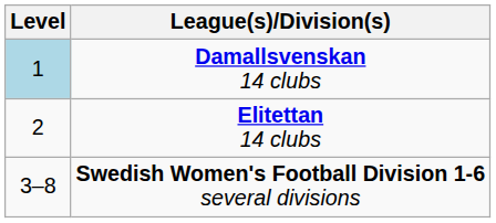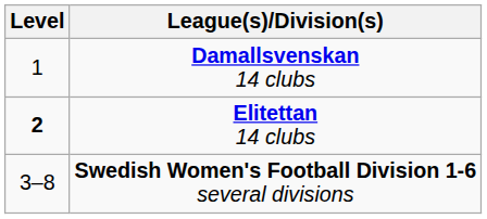 <table class="wikitable" style="text-align: center;">
 <tr>
 <th>Level</th>
 <th colspan="12">League(s)/Division(s)</th>
 </tr>
 <tr>
-<td style="background: lightblue;">1</td>
+<td>1</td>
 <td colspan="12"><strong><a href='#'>Damallsvenskan</a></strong><br><em>14 clubs</em></td>
 </tr>
 <tr>
-<td>2</td>
+<td><strong>2</strong></td>
 <td colspan="12"><strong><a href='#'>Elitettan</a></strong><br><em>14 clubs</em></td>
 </tr>
 <tr>
 <td>3–8</td>
 <td colspan="12"><strong>Swedish Women's Football Division 1-6</strong><br><em>several divisions</em></td>
 </tr>
 </table>
